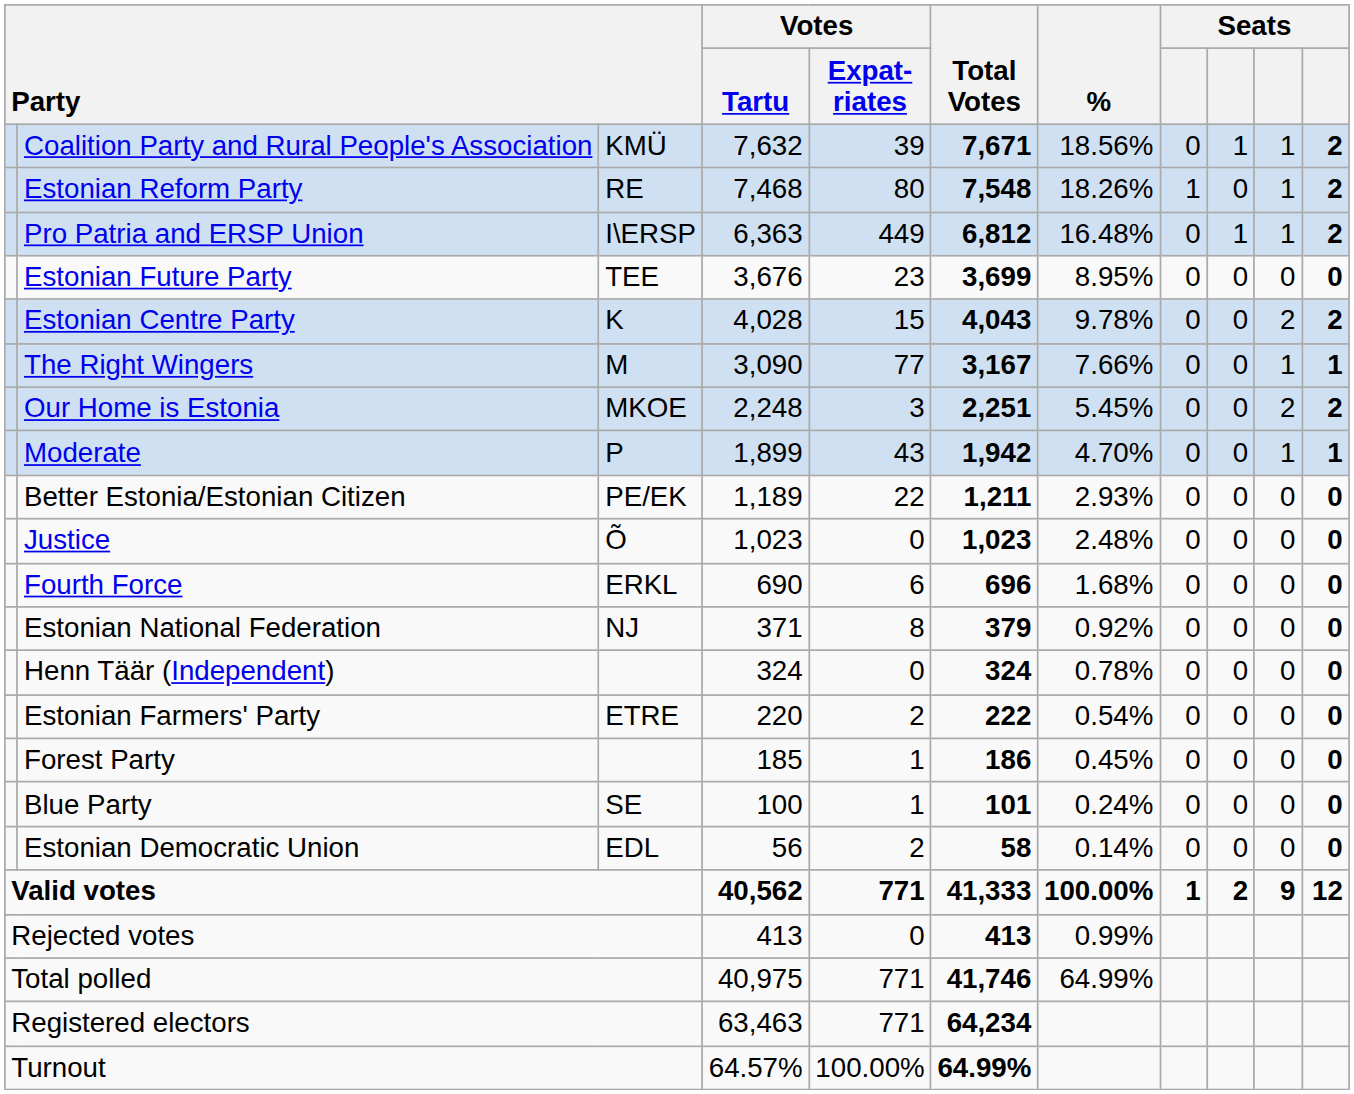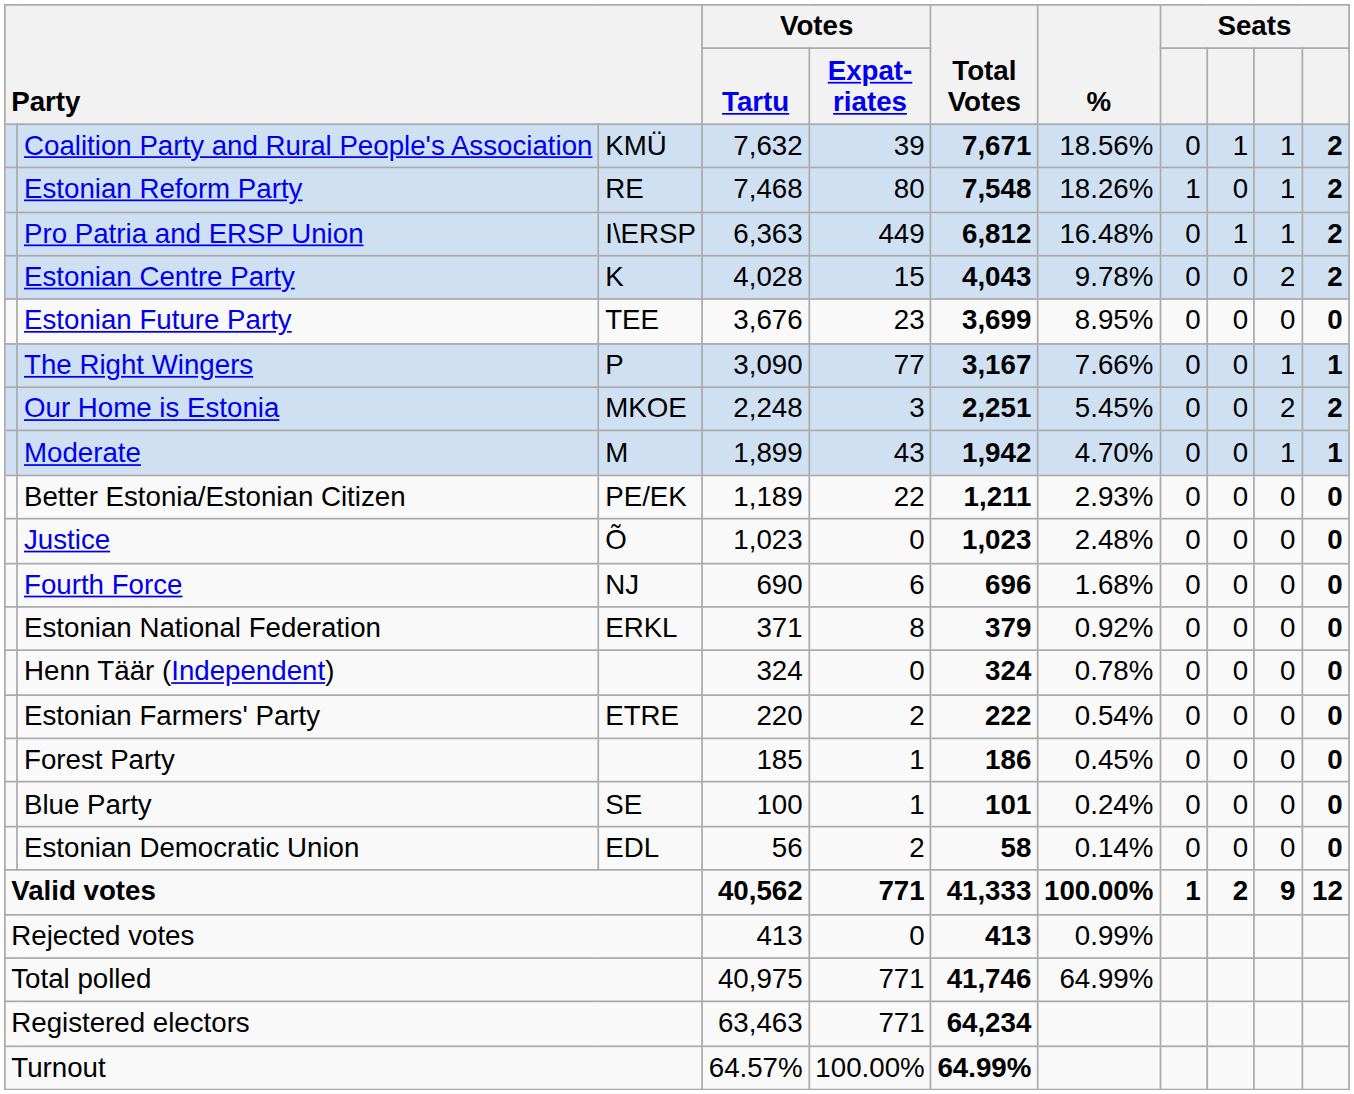 <table class="wikitable" border="1" style="text-align:right;">
 <tr>
 <th style="text-align:left;" valign=bottom rowspan=2 colspan=3>Party</th>
 <th colspan=2>Votes</th>
 <th align=center valign=bottom rowspan=2 width="50">Total Votes</th>
 <th align=center valign=bottom rowspan=2 width="50">%</th>
 <th colspan=4>Seats</th>
 </tr>
 <tr>
 <th align=center valign=bottom width="50"><a href='#'>Tartu</a></th>
 <th align=center valign=bottom width="50"><a href='#'>Expat- riates</a></th>
 <th align=center valign=bottom width="20"><small></small></th>
 <th align=center valign=bottom width="20"><small></small></th>
 <th align=center valign=bottom width="20"><small></small></th>
 <th align=center valign=bottom width="20"><small></small></th>
 </tr>
 <tr style="background:#CEE0F2;">
 <td style="background:"></td>
 <td align=left><a href='#'>Coalition Party and Rural People's Association</a></td>
 <td align=left>KMÜ</td>
 <td>7,632</td>
 <td>39</td>
 <td><strong>7,671</strong></td>
 <td>18.56%</td>
 <td>0</td>
 <td>1</td>
 <td>1</td>
 <td><strong>2</strong></td>
 </tr>
 <tr style="background:#CEE0F2;">
 <td style="background:"></td>
 <td align=left><a href='#'>Estonian Reform Party</a></td>
 <td align=left>RE</td>
 <td>7,468</td>
 <td>80</td>
 <td><strong>7,548</strong></td>
 <td>18.26%</td>
 <td>1</td>
 <td>0</td>
 <td>1</td>
 <td><strong>2</strong></td>
 </tr>
 <tr style="background:#CEE0F2;">
 <td style="background:"></td>
 <td align=left><a href='#'>Pro Patria and ERSP Union</a></td>
 <td align=left>I\ERSP</td>
 <td>6,363</td>
 <td>449</td>
 <td><strong>6,812</strong></td>
 <td>16.48%</td>
 <td>0</td>
 <td>1</td>
 <td>1</td>
 <td><strong>2</strong></td>
 </tr>
+<tr style="background:#CEE0F2;">
+<td style="background:"></td>
+<td align=left><a href='#'>Estonian Centre Party</a></td>
+<td align=left>K</td>
+<td>4,028</td>
+<td>15</td>
+<td><strong>4,043</strong></td>
+<td>9.78%</td>
+<td>0</td>
+<td>0</td>
+<td>2</td>
+<td><strong>2</strong></td>
+</tr>
 <tr>
 <td style="background:"></td>
 <td align=left><a href='#'>Estonian Future Party</a></td>
 <td align=left>TEE</td>
 <td>3,676</td>
 <td>23</td>
 <td><strong>3,699</strong></td>
 <td>8.95%</td>
 <td>0</td>
 <td>0</td>
 <td>0</td>
 <td><strong>0</strong></td>
 </tr>
 <tr style="background:#CEE0F2;">
-<td style="background:"></td>
-<td align=left><a href='#'>Estonian Centre Party</a></td>
-<td align=left>K</td>
-<td>4,028</td>
-<td>15</td>
-<td><strong>4,043</strong></td>
-<td>9.78%</td>
-<td>0</td>
-<td>0</td>
-<td>2</td>
-<td><strong>2</strong></td>
-</tr>
-<tr style="background:#CEE0F2;">
 <td></td>
 <td align=left><a href='#'>The Right Wingers</a></td>
-<td align=left>M</td>
+<td align=left>P</td>
 <td>3,090</td>
 <td>77</td>
 <td><strong>3,167</strong></td>
 <td>7.66%</td>
 <td>0</td>
 <td>0</td>
 <td>1</td>
 <td><strong>1</strong></td>
 </tr>
 <tr style="background:#CEE0F2;">
 <td style="background:"></td>
 <td align=left><a href='#'>Our Home is Estonia</a></td>
 <td align=left>MKOE</td>
 <td>2,248</td>
 <td>3</td>
 <td><strong>2,251</strong></td>
 <td>5.45%</td>
 <td>0</td>
 <td>0</td>
 <td>2</td>
 <td><strong>2</strong></td>
 </tr>
 <tr style="background:#CEE0F2;">
 <td style="background:"></td>
 <td align=left><a href='#'>Moderate</a></td>
-<td align=left>P</td>
+<td align=left>M</td>
 <td>1,899</td>
 <td>43</td>
 <td><strong>1,942</strong></td>
 <td>4.70%</td>
 <td>0</td>
 <td>0</td>
 <td>1</td>
 <td><strong>1</strong></td>
 </tr>
 <tr>
 <td></td>
 <td align=left>Better Estonia/Estonian Citizen</td>
 <td align=left>PE/EK</td>
 <td>1,189</td>
 <td>22</td>
 <td><strong>1,211</strong></td>
 <td>2.93%</td>
 <td>0</td>
 <td>0</td>
 <td>0</td>
 <td><strong>0</strong></td>
 </tr>
 <tr>
 <td style="background:"></td>
 <td align=left><a href='#'>Justice</a></td>
 <td align=left>Õ</td>
 <td>1,023</td>
 <td>0</td>
 <td><strong>1,023</strong></td>
 <td>2.48%</td>
 <td>0</td>
 <td>0</td>
 <td>0</td>
 <td><strong>0</strong></td>
 </tr>
 <tr>
 <td style="background:"></td>
 <td align=left><a href='#'>Fourth Force</a></td>
-<td align=left>ERKL</td>
+<td align=left>NJ</td>
 <td>690</td>
 <td>6</td>
 <td><strong>696</strong></td>
 <td>1.68%</td>
 <td>0</td>
 <td>0</td>
 <td>0</td>
 <td><strong>0</strong></td>
 </tr>
 <tr>
 <td></td>
 <td align=left>Estonian National Federation</td>
-<td align=left>NJ</td>
+<td align=left>ERKL</td>
 <td>371</td>
 <td>8</td>
 <td><strong>379</strong></td>
 <td>0.92%</td>
 <td>0</td>
 <td>0</td>
 <td>0</td>
 <td><strong>0</strong></td>
 </tr>
 <tr>
 <td style="background:"></td>
 <td align=left>Henn Täär (<a href='#'>Independent</a>)</td>
 <td></td>
 <td>324</td>
 <td>0</td>
 <td><strong>324</strong></td>
 <td>0.78%</td>
 <td>0</td>
 <td>0</td>
 <td>0</td>
 <td><strong>0</strong></td>
 </tr>
 <tr>
 <td></td>
 <td align=left>Estonian Farmers' Party</td>
 <td align=left>ETRE</td>
 <td>220</td>
 <td>2</td>
 <td><strong>222</strong></td>
 <td>0.54%</td>
 <td>0</td>
 <td>0</td>
 <td>0</td>
 <td><strong>0</strong></td>
 </tr>
 <tr>
 <td></td>
 <td align=left>Forest Party</td>
 <td></td>
 <td>185</td>
 <td>1</td>
 <td><strong>186</strong></td>
 <td>0.45%</td>
 <td>0</td>
 <td>0</td>
 <td>0</td>
 <td><strong>0</strong></td>
 </tr>
 <tr>
 <td></td>
 <td align=left>Blue Party</td>
 <td align=left>SE</td>
 <td>100</td>
 <td>1</td>
 <td><strong>101</strong></td>
 <td>0.24%</td>
 <td>0</td>
 <td>0</td>
 <td>0</td>
 <td><strong>0</strong></td>
 </tr>
 <tr>
 <td></td>
 <td align=left>Estonian Democratic Union</td>
 <td align=left>EDL</td>
 <td>56</td>
 <td>2</td>
 <td><strong>58</strong></td>
 <td>0.14%</td>
 <td>0</td>
 <td>0</td>
 <td>0</td>
 <td><strong>0</strong></td>
 </tr>
 <tr style="font-weight:bold">
 <td align=left colspan=3>Valid votes</td>
 <td>40,562</td>
 <td>771</td>
 <td>41,333</td>
 <td>100.00%</td>
 <td>1</td>
 <td>2</td>
 <td>9</td>
 <td>12</td>
 </tr>
 <tr>
 <td align=left colspan=3>Rejected votes</td>
 <td>413</td>
 <td>0</td>
 <td><strong>413</strong></td>
 <td>0.99%</td>
 <td></td>
 <td></td>
 <td></td>
 <td></td>
 </tr>
 <tr>
 <td align=left colspan=3>Total polled</td>
 <td>40,975</td>
 <td>771</td>
 <td><strong>41,746</strong></td>
 <td>64.99%</td>
 <td></td>
 <td></td>
 <td></td>
 <td></td>
 </tr>
 <tr>
 <td align=left colspan=3>Registered electors</td>
 <td>63,463</td>
 <td>771</td>
 <td><strong>64,234</strong></td>
 <td></td>
 <td></td>
 <td></td>
 <td></td>
 <td></td>
 </tr>
 <tr>
 <td align=left colspan=3>Turnout</td>
 <td>64.57%</td>
 <td>100.00%</td>
 <td><strong>64.99%</strong></td>
 <td></td>
 <td></td>
 <td></td>
 <td></td>
 <td></td>
 </tr>
 </table>
